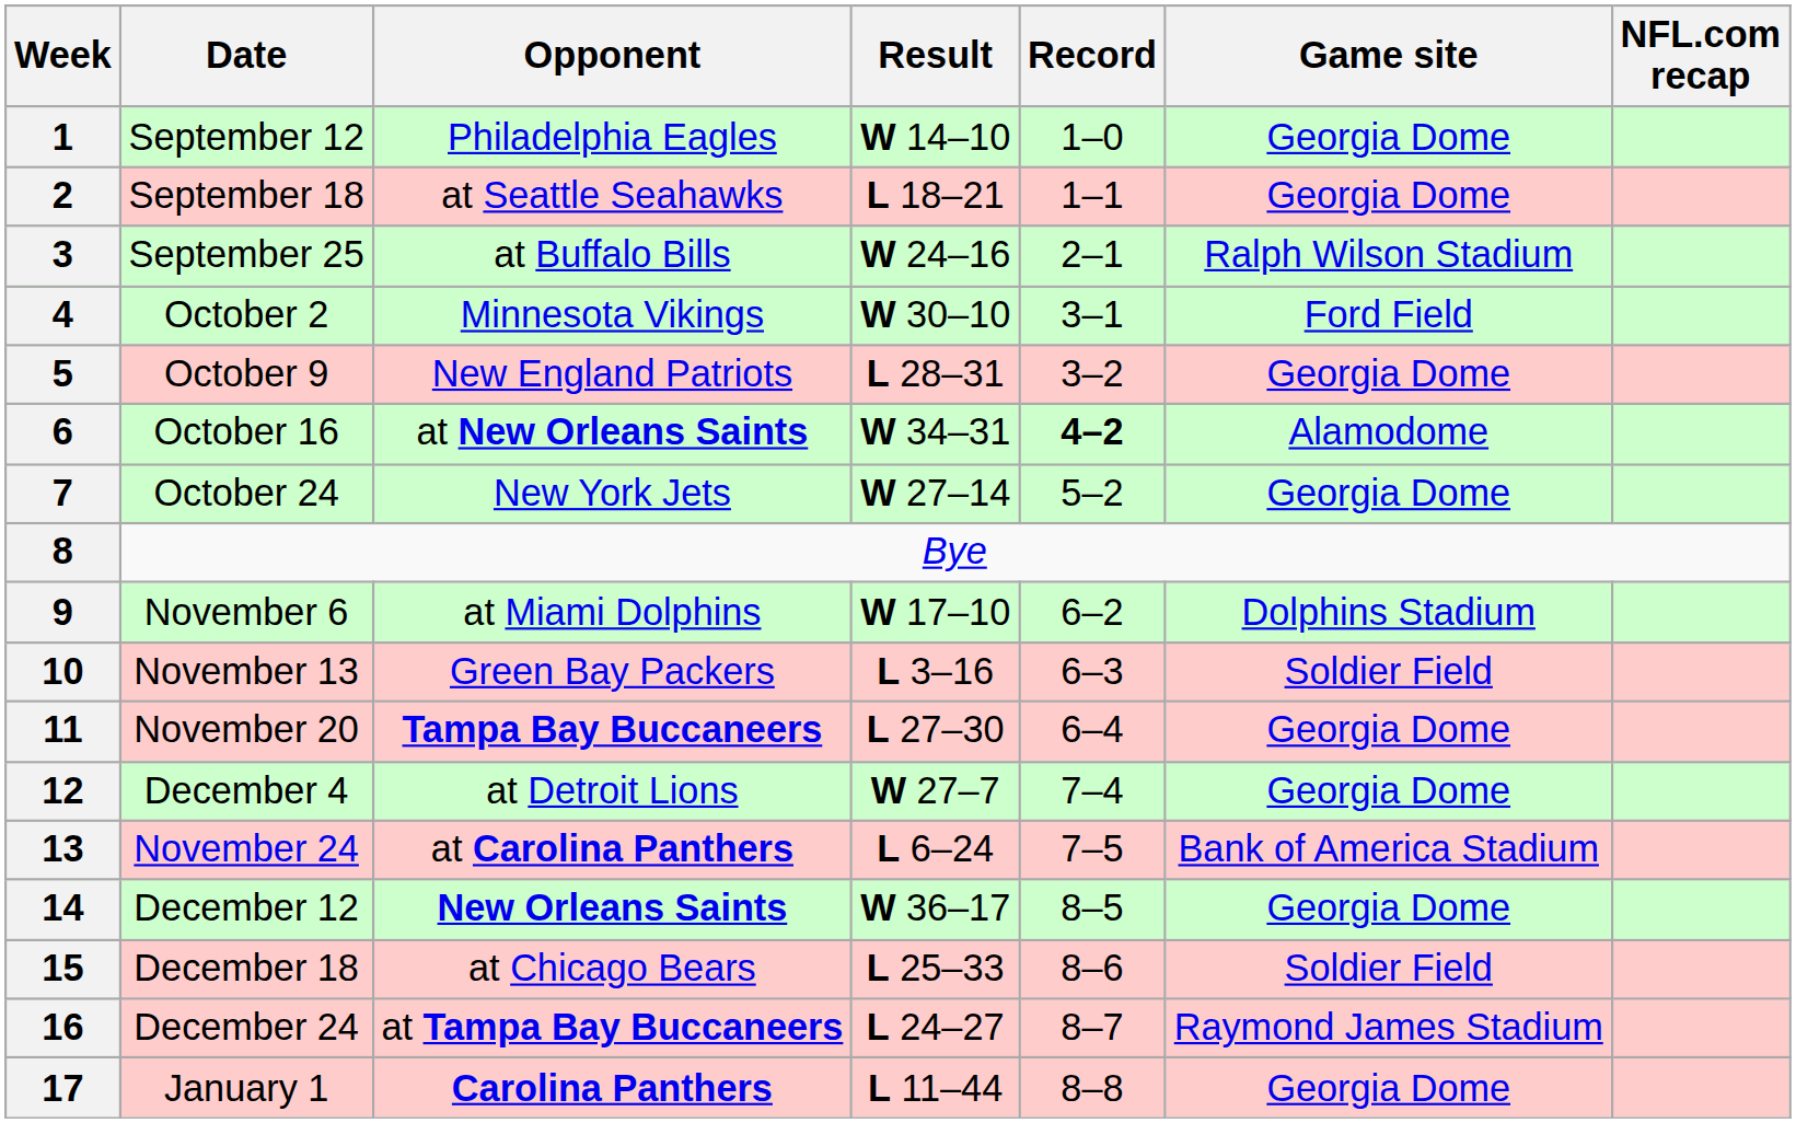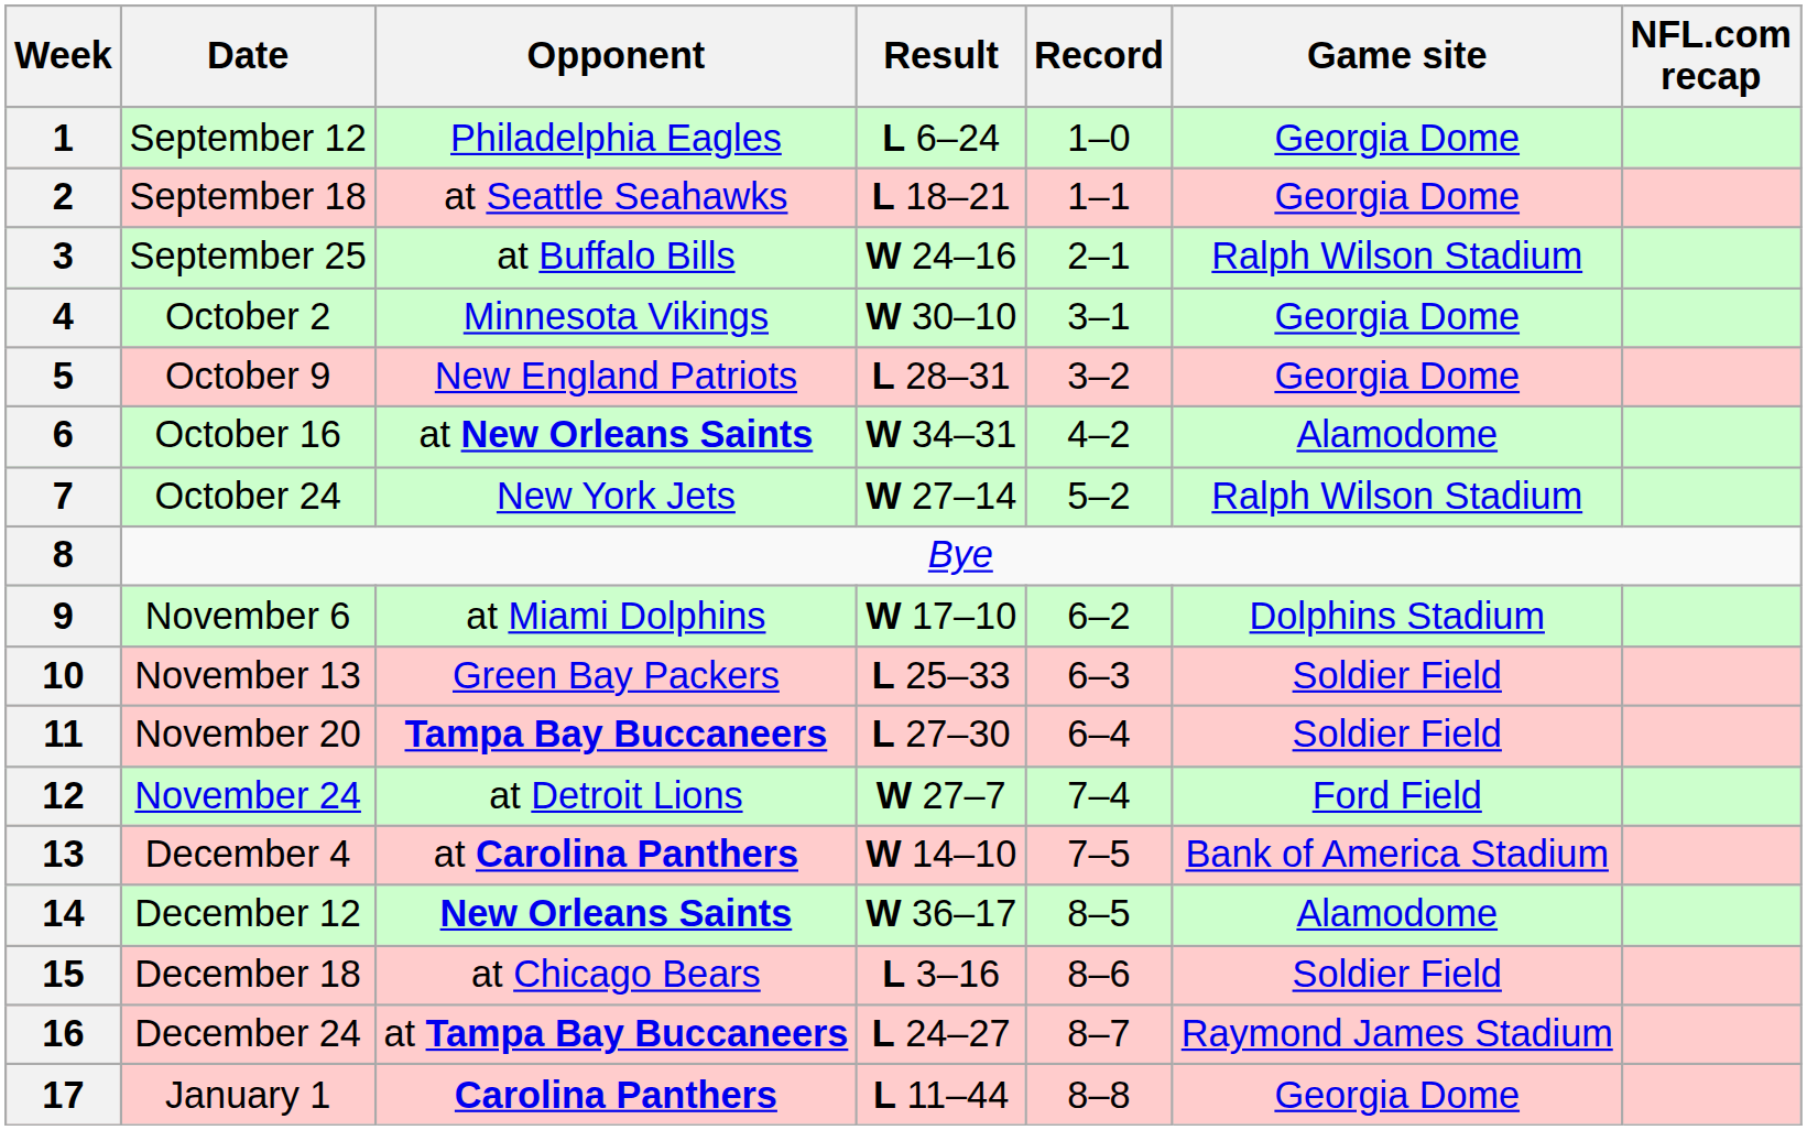 <table class="wikitable" style="text-align:center">
 <tr>
 <th>Week</th>
 <th>Date</th>
 <th>Opponent</th>
 <th>Result</th>
 <th>Record</th>
 <th>Game site</th>
 <th>NFL.com<br>recap</th>
 </tr>
 <tr style="background: #cfc;">
 <th>1</th>
 <td>September 12</td>
 <td><a href='#'>Philadelphia Eagles</a></td>
-<td><strong>W</strong> 14–10</td>
+<td><strong>L</strong> 6–24</td>
 <td>1–0</td>
 <td><a href='#'>Georgia Dome</a></td>
 <td></td>
 </tr>
 <tr style="background: #fcc;">
 <th>2</th>
 <td>September 18</td>
 <td>at <a href='#'>Seattle Seahawks</a></td>
 <td><strong>L</strong> 18–21</td>
 <td>1–1</td>
 <td><a href='#'>Georgia Dome</a></td>
 <td></td>
 </tr>
 <tr style="background: #cfc;">
 <th>3</th>
 <td>September 25</td>
 <td>at <a href='#'>Buffalo Bills</a></td>
 <td><strong>W</strong> 24–16</td>
 <td>2–1</td>
 <td><a href='#'>Ralph Wilson Stadium</a></td>
 <td></td>
 </tr>
 <tr style="background: #cfc;">
 <th>4</th>
 <td>October 2</td>
 <td><a href='#'>Minnesota Vikings</a></td>
 <td><strong>W</strong> 30–10</td>
 <td>3–1</td>
-<td><a href='#'>Ford Field</a></td>
+<td><a href='#'>Georgia Dome</a></td>
 <td></td>
 </tr>
 <tr style="background: #fcc;">
 <th>5</th>
 <td>October 9</td>
 <td><a href='#'>New England Patriots</a></td>
 <td><strong>L</strong> 28–31</td>
 <td>3–2</td>
 <td><a href='#'>Georgia Dome</a></td>
 <td></td>
 </tr>
 <tr style="background: #cfc;">
 <th>6</th>
 <td>October 16</td>
 <td>at <strong><a href='#'>New Orleans Saints</a></strong></td>
 <td><strong>W</strong> 34–31</td>
-<td><strong>4–2</strong></td>
+<td>4–2</td>
 <td><a href='#'>Alamodome</a></td>
 <td></td>
 </tr>
 <tr style="background: #cfc;">
 <th>7</th>
 <td>October 24</td>
 <td><a href='#'>New York Jets</a></td>
 <td><strong>W</strong> 27–14</td>
 <td>5–2</td>
-<td><a href='#'>Georgia Dome</a></td>
+<td><a href='#'>Ralph Wilson Stadium</a></td>
 <td></td>
 </tr>
 <tr>
 <th>8</th>
 <td colspan="6" align="center" valign="middle"><em><a href='#'>Bye</a></em></td>
 </tr>
 <tr style="background: #cfc;">
 <th>9</th>
 <td>November 6</td>
 <td>at <a href='#'>Miami Dolphins</a></td>
 <td><strong>W</strong> 17–10</td>
 <td>6–2</td>
 <td><a href='#'>Dolphins Stadium</a></td>
 <td></td>
 </tr>
 <tr style="background: #fcc;">
 <th>10</th>
 <td>November 13</td>
 <td><a href='#'>Green Bay Packers</a></td>
-<td><strong>L</strong> 3–16</td>
+<td><strong>L</strong> 25–33</td>
 <td>6–3</td>
 <td><a href='#'>Soldier Field</a></td>
 <td></td>
 </tr>
 <tr style="background: #fcc;">
 <th>11</th>
 <td>November 20</td>
 <td><strong><a href='#'>Tampa Bay Buccaneers</a></strong></td>
 <td><strong>L</strong> 27–30</td>
 <td>6–4</td>
-<td><a href='#'>Georgia Dome</a></td>
+<td><a href='#'>Soldier Field</a></td>
 <td></td>
 </tr>
 <tr style="background: #cfc;">
 <th>12</th>
-<td>December 4</td>
+<td><a href='#'>November 24</a></td>
 <td>at <a href='#'>Detroit Lions</a></td>
 <td><strong>W</strong> 27–7</td>
 <td>7–4</td>
-<td><a href='#'>Georgia Dome</a></td>
+<td><a href='#'>Ford Field</a></td>
 <td></td>
 </tr>
 <tr style="background: #fcc;">
 <th>13</th>
-<td><a href='#'>November 24</a></td>
+<td>December 4</td>
 <td>at <strong><a href='#'>Carolina Panthers</a></strong></td>
-<td><strong>L</strong> 6–24</td>
+<td><strong>W</strong> 14–10</td>
 <td>7–5</td>
 <td><a href='#'>Bank of America Stadium</a></td>
 <td></td>
 </tr>
 <tr style="background: #cfc;">
 <th>14</th>
 <td>December 12</td>
 <td><strong><a href='#'>New Orleans Saints</a></strong></td>
 <td><strong>W</strong> 36–17</td>
 <td>8–5</td>
-<td><a href='#'>Georgia Dome</a></td>
+<td><a href='#'>Alamodome</a></td>
 <td></td>
 </tr>
 <tr style="background: #fcc;">
 <th>15</th>
 <td>December 18</td>
 <td>at <a href='#'>Chicago Bears</a></td>
-<td><strong>L</strong> 25–33</td>
+<td><strong>L</strong> 3–16</td>
 <td>8–6</td>
 <td><a href='#'>Soldier Field</a></td>
 <td></td>
 </tr>
 <tr style="background: #fcc;">
 <th>16</th>
 <td>December 24</td>
 <td>at <strong><a href='#'>Tampa Bay Buccaneers</a></strong></td>
 <td><strong>L</strong> 24–27 </td>
 <td>8–7</td>
 <td><a href='#'>Raymond James Stadium</a></td>
 <td></td>
 </tr>
 <tr style="background: #fcc;">
 <th>17</th>
 <td>January 1</td>
 <td><strong><a href='#'>Carolina Panthers</a></strong></td>
 <td><strong>L</strong> 11–44</td>
 <td>8–8</td>
 <td><a href='#'>Georgia Dome</a></td>
 <td></td>
 </tr>
 </table>
